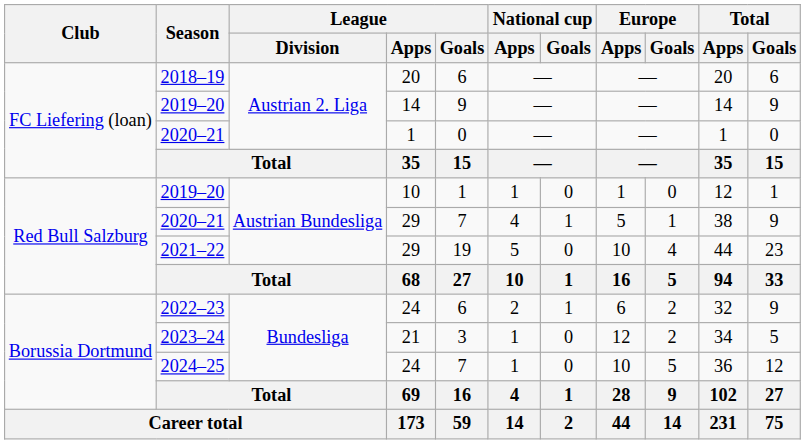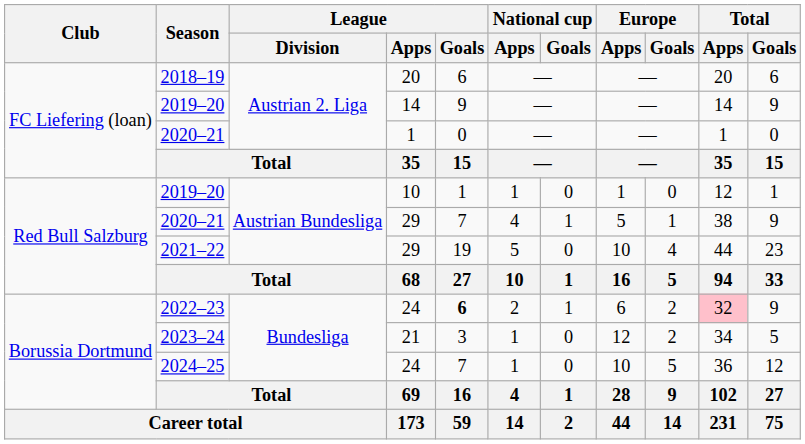 <table class="wikitable" style="text-align:center">
 <tr>
 <th rowspan="2">Club</th>
 <th rowspan="2">Season</th>
 <th colspan="3">League</th>
 <th colspan="2">National cup</th>
 <th colspan="2">Europe</th>
 <th colspan="2">Total</th>
 </tr>
 <tr>
 <th>Division</th>
 <th>Apps</th>
 <th>Goals</th>
 <th>Apps</th>
 <th>Goals</th>
 <th>Apps</th>
 <th>Goals</th>
 <th>Apps</th>
 <th>Goals</th>
 </tr>
 <tr>
 <td rowspan="4"><a href='#'>FC Liefering</a> (loan)</td>
 <td><a href='#'>2018–19</a></td>
 <td rowspan="3"><a href='#'>Austrian 2. Liga</a></td>
 <td>20</td>
 <td>6</td>
 <td colspan="2">—</td>
 <td colspan="2">—</td>
 <td>20</td>
 <td>6</td>
 </tr>
 <tr>
 <td><a href='#'>2019–20</a></td>
 <td>14</td>
 <td>9</td>
 <td colspan="2">—</td>
 <td colspan="2">—</td>
 <td>14</td>
 <td>9</td>
 </tr>
 <tr>
 <td><a href='#'>2020–21</a></td>
 <td>1</td>
 <td>0</td>
 <td colspan="2">—</td>
 <td colspan="2">—</td>
 <td>1</td>
 <td>0</td>
 </tr>
 <tr>
 <th colspan="2">Total</th>
 <th>35</th>
 <th>15</th>
 <th colspan="2">—</th>
 <th colspan="2">—</th>
 <th>35</th>
 <th>15</th>
 </tr>
 <tr>
 <td rowspan="4"><a href='#'>Red Bull Salzburg</a></td>
 <td><a href='#'>2019–20</a></td>
 <td rowspan="3"><a href='#'>Austrian Bundesliga</a></td>
 <td>10</td>
 <td>1</td>
 <td>1</td>
 <td>0</td>
 <td>1</td>
 <td>0</td>
 <td>12</td>
 <td>1</td>
 </tr>
 <tr>
 <td><a href='#'>2020–21</a></td>
 <td>29</td>
 <td>7</td>
 <td>4</td>
 <td>1</td>
 <td>5</td>
 <td>1</td>
 <td>38</td>
 <td>9</td>
 </tr>
 <tr>
 <td><a href='#'>2021–22</a></td>
 <td>29</td>
 <td>19</td>
 <td>5</td>
 <td>0</td>
 <td>10</td>
 <td>4</td>
 <td>44</td>
 <td>23</td>
 </tr>
 <tr>
 <th colspan="2">Total</th>
 <th>68</th>
 <th>27</th>
 <th>10</th>
 <th>1</th>
 <th>16</th>
 <th>5</th>
 <th>94</th>
 <th>33</th>
 </tr>
 <tr>
 <td rowspan="4"><a href='#'>Borussia Dortmund</a></td>
 <td><a href='#'>2022–23</a></td>
 <td rowspan="3"><a href='#'>Bundesliga</a></td>
 <td>24</td>
-<td>6</td>
+<td><strong>6</strong></td>
 <td>2</td>
 <td>1</td>
 <td>6</td>
 <td>2</td>
-<td>32</td>
+<td style="background: pink;">32</td>
 <td>9</td>
 </tr>
 <tr>
 <td><a href='#'>2023–24</a></td>
 <td>21</td>
 <td>3</td>
 <td>1</td>
 <td>0</td>
 <td>12</td>
 <td>2</td>
 <td>34</td>
 <td>5</td>
 </tr>
 <tr>
 <td><a href='#'>2024–25</a></td>
 <td>24</td>
 <td>7</td>
 <td>1</td>
 <td>0</td>
 <td>10</td>
 <td>5</td>
 <td>36</td>
 <td>12</td>
 </tr>
 <tr>
 <th colspan="2">Total</th>
 <th>69</th>
 <th>16</th>
 <th>4</th>
 <th>1</th>
 <th>28</th>
 <th>9</th>
 <th>102</th>
 <th>27</th>
 </tr>
 <tr>
 <th colspan="3">Career total</th>
 <th>173</th>
 <th>59</th>
 <th>14</th>
 <th>2</th>
 <th>44</th>
 <th>14</th>
 <th>231</th>
 <th>75</th>
 </tr>
 </table>
